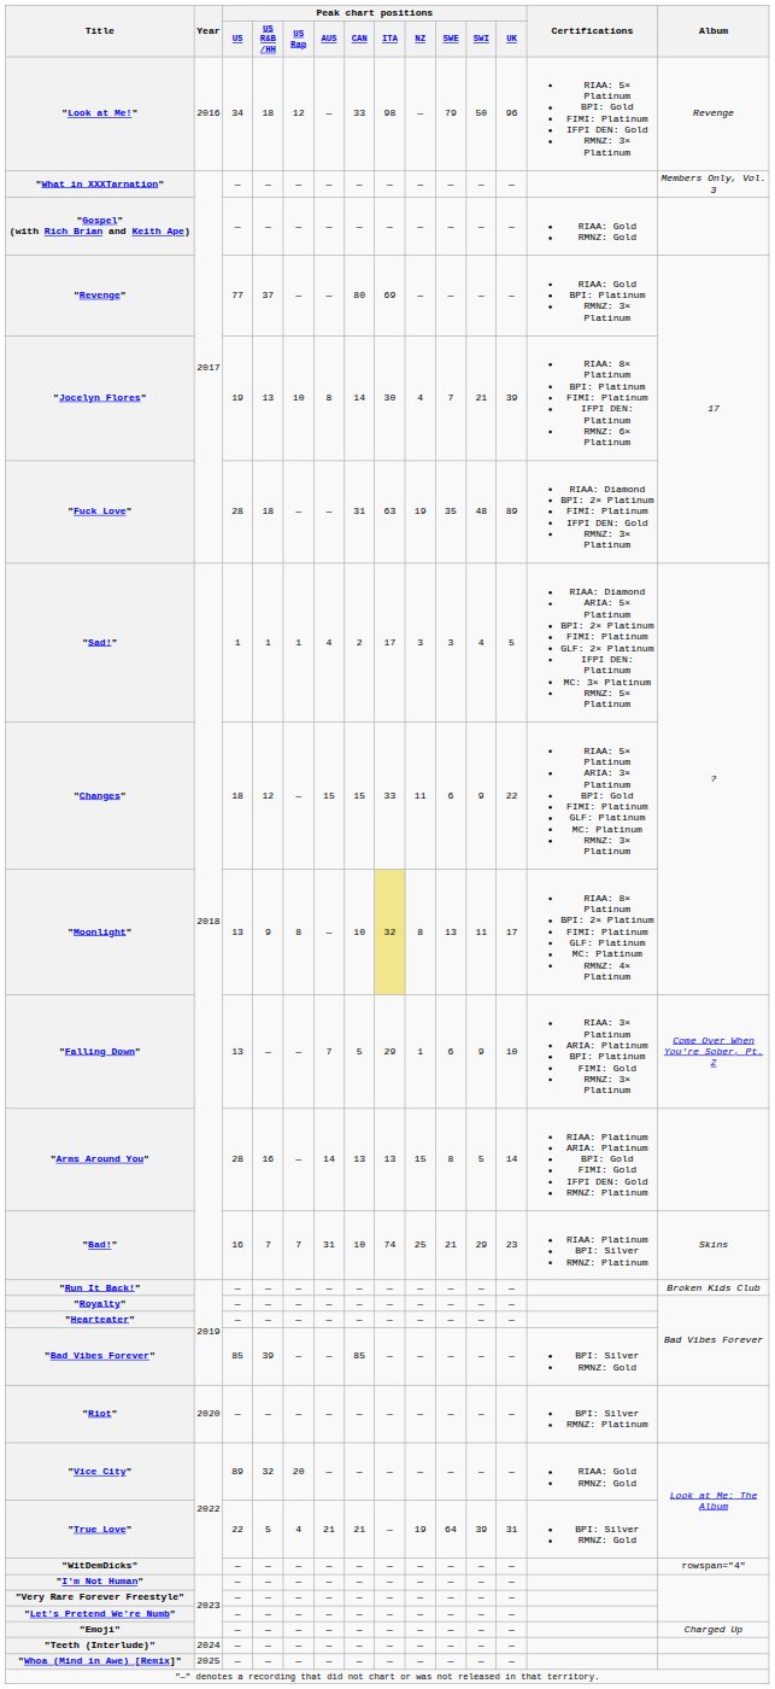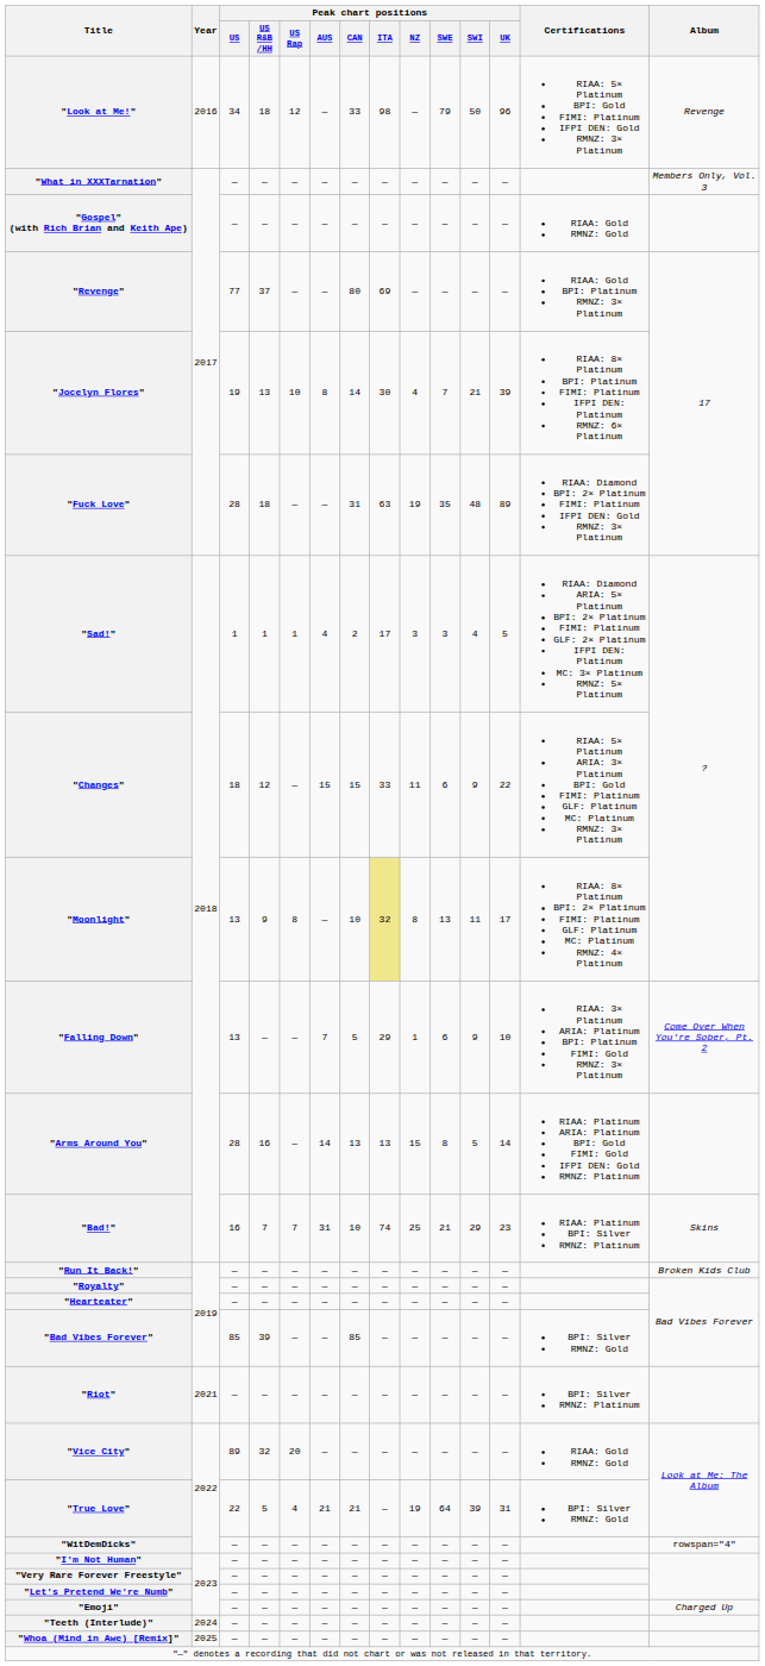 <table class="wikitable plainrowheaders" style="text-align:center;">
 <tr>
 <th scope="col" rowspan="2" style="width:19em;">Title</th>
 <th scope="col" rowspan="2">Year</th>
 <th scope="col" colspan="10">Peak chart positions</th>
 <th scope="col" rowspan="2" style="width:13em;">Certifications</th>
 <th scope="col" rowspan="2" style="width:11em;">Album</th>
 </tr>
 <tr>
 <th scope="col" style="width:3em;font-size:90%;"><a href='#'>US</a><br></th>
 <th scope="col" style="width:3em;font-size:90%;"><a href='#'>US<br>R&B<br>/HH</a><br></th>
 <th scope="col" style="width:3em;font-size:90%;"><a href='#'>US<br>Rap</a><br></th>
 <th scope="col" style="width:3em;font-size:90%;"><a href='#'>AUS</a><br></th>
 <th scope="col" style="width:3em;font-size:90%;"><a href='#'>CAN</a><br></th>
 <th scope="col" style="width:3em;font-size:90%;"><a href='#'>ITA</a><br></th>
 <th scope="col" style="width:3em;font-size:90%;"><a href='#'>NZ</a><br></th>
 <th scope="col" style="width:3em;font-size:90%;"><a href='#'>SWE</a><br></th>
 <th scope="col" style="width:3em;font-size:90%;"><a href='#'>SWI</a><br></th>
 <th scope="col" style="width:3em;font-size:90%;"><a href='#'>UK</a><br></th>
 </tr>
 <tr>
 <th scope="row">"<a href='#'>Look at Me!</a>"</th>
 <td>2016</td>
 <td>34</td>
 <td>18</td>
 <td>12</td>
 <td>—</td>
 <td>33</td>
 <td>98</td>
 <td>—</td>
 <td>79</td>
 <td>50</td>
 <td>96</td>
 <td><br><ul><li>RIAA: 5× Platinum</li><li>BPI: Gold</li><li>FIMI: Platinum</li><li>IFPI DEN: Gold</li><li>RMNZ: 3× Platinum</li></ul></td>
 <td><em>Revenge</em></td>
 </tr>
 <tr>
 <th scope="row">"<a href='#'>What in XXXTarnation</a>"<br></th>
 <td rowspan="5">2017</td>
 <td>—</td>
 <td>—</td>
 <td>—</td>
 <td>—</td>
 <td>—</td>
 <td>—</td>
 <td>—</td>
 <td>—</td>
 <td>—</td>
 <td>—</td>
 <td></td>
 <td><em>Members Only, Vol. 3</em></td>
 </tr>
 <tr>
 <th scope="row">"<a href='#'>Gospel</a>"<br><span>(with <a href='#'>Rich Brian</a> and <a href='#'>Keith Ape</a>)</span></th>
 <td>—</td>
 <td>—</td>
 <td>—</td>
 <td>—</td>
 <td>—</td>
 <td>—</td>
 <td>—</td>
 <td>—</td>
 <td>—</td>
 <td>—</td>
 <td><br><ul><li>RIAA: Gold</li><li>RMNZ: Gold</li></ul></td>
 <td></td>
 </tr>
 <tr>
 <th scope="row">"<a href='#'>Revenge</a>"</th>
 <td>77</td>
 <td>37</td>
 <td>—</td>
 <td>—</td>
 <td>80</td>
 <td>69</td>
 <td>—</td>
 <td>—</td>
 <td>—</td>
 <td>—</td>
 <td><br><ul><li>RIAA: Gold</li><li>BPI: Platinum</li><li>RMNZ: 3× Platinum</li></ul></td>
 <td rowspan="3"><em>17</em></td>
 </tr>
 <tr>
 <th scope="row">"<a href='#'>Jocelyn Flores</a>"</th>
 <td>19</td>
 <td>13</td>
 <td>10</td>
 <td>8</td>
 <td>14</td>
 <td>30</td>
 <td>4</td>
 <td>7</td>
 <td>21</td>
 <td>39</td>
 <td><br><ul><li>RIAA: 8× Platinum</li><li>BPI: Platinum</li><li>FIMI: Platinum</li><li>IFPI DEN: Platinum</li><li>RMNZ: 6× Platinum</li></ul></td>
 </tr>
 <tr>
 <th scope="row">"<a href='#'>Fuck Love</a>"<br></th>
 <td>28</td>
 <td>18</td>
 <td>—</td>
 <td>—</td>
 <td>31</td>
 <td>63</td>
 <td>19</td>
 <td>35</td>
 <td>48</td>
 <td>89</td>
 <td><br><ul><li>RIAA: Diamond</li><li>BPI: 2× Platinum</li><li>FIMI: Platinum</li><li>IFPI DEN: Gold</li><li>RMNZ: 3× Platinum</li></ul></td>
 </tr>
 <tr>
 <th scope="row">"<a href='#'>Sad!</a>"</th>
 <td rowspan="6">2018</td>
 <td>1</td>
 <td>1</td>
 <td>1</td>
 <td>4</td>
 <td>2</td>
 <td>17</td>
 <td>3</td>
 <td>3</td>
 <td>4</td>
 <td>5</td>
 <td><br><ul><li>RIAA: Diamond </li><li>ARIA: 5× Platinum</li><li>BPI: 2× Platinum</li><li>FIMI: Platinum</li><li>GLF: 2× Platinum</li><li>IFPI DEN: Platinum</li><li>MC: 3× Platinum</li><li>RMNZ: 5× Platinum</li></ul></td>
 <td rowspan="3"><em>?</em></td>
 </tr>
 <tr>
 <th scope="row">"<a href='#'>Changes</a>"</th>
 <td>18</td>
 <td>12</td>
 <td>—</td>
 <td>15</td>
 <td>15</td>
 <td>33</td>
 <td>11</td>
 <td>6</td>
 <td>9</td>
 <td>22</td>
 <td><br><ul><li>RIAA: 5× Platinum</li><li>ARIA: 3× Platinum</li><li>BPI: Gold</li><li>FIMI: Platinum</li><li>GLF: Platinum</li><li>MC: Platinum</li><li>RMNZ: 3× Platinum</li></ul></td>
 </tr>
 <tr>
 <th scope="row">"<a href='#'>Moonlight</a>"</th>
 <td>13</td>
 <td>9</td>
 <td>8</td>
 <td>—</td>
 <td>10</td>
 <td style="background: khaki;">32</td>
 <td>8</td>
 <td>13</td>
 <td>11</td>
 <td>17</td>
 <td><br><ul><li>RIAA: 8× Platinum</li><li>BPI: 2× Platinum</li><li>FIMI: Platinum</li><li>GLF: Platinum</li><li>MC: Platinum</li><li>RMNZ: 4× Platinum</li></ul></td>
 </tr>
 <tr>
 <th scope="row">"<a href='#'>Falling Down</a>"<br></th>
 <td>13</td>
 <td>—</td>
 <td>—</td>
 <td>7</td>
 <td>5</td>
 <td>29</td>
 <td>1</td>
 <td>6</td>
 <td>9</td>
 <td>10</td>
 <td><br><ul><li>RIAA: 3× Platinum</li><li>ARIA: Platinum</li><li>BPI: Platinum</li><li>FIMI: Gold</li><li>RMNZ: 3× Platinum</li></ul></td>
 <td><em><a href='#'>Come Over When You're Sober, Pt. 2</a></em></td>
 </tr>
 <tr>
 <th scope="row">"<a href='#'>Arms Around You</a>"<br></th>
 <td>28</td>
 <td>16</td>
 <td>—</td>
 <td>14</td>
 <td>13</td>
 <td>13</td>
 <td>15</td>
 <td>8</td>
 <td>5</td>
 <td>14</td>
 <td><br><ul><li>RIAA: Platinum</li><li>ARIA: Platinum</li><li>BPI: Gold</li><li>FIMI: Gold</li><li>IFPI DEN: Gold</li><li>RMNZ: Platinum</li></ul></td>
 <td></td>
 </tr>
 <tr>
 <th scope="row">"<a href='#'>Bad!</a>"</th>
 <td>16</td>
 <td>7</td>
 <td>7</td>
 <td>31</td>
 <td>10</td>
 <td>74</td>
 <td>25</td>
 <td>21</td>
 <td>29</td>
 <td>23</td>
 <td><br><ul><li>RIAA: Platinum</li><li>BPI: Silver</li><li>RMNZ: Platinum</li></ul></td>
 <td><em>Skins</em></td>
 </tr>
 <tr>
 <th scope="row">"<a href='#'>Run It Back!</a>"<br></th>
 <td rowspan="4">2019</td>
 <td>—</td>
 <td>—</td>
 <td>—</td>
 <td>—</td>
 <td>—</td>
 <td>—</td>
 <td>—</td>
 <td>—</td>
 <td>—</td>
 <td>—</td>
 <td></td>
 <td><em>Broken Kids Club</em></td>
 </tr>
 <tr>
 <th scope="row">"<a href='#'>Royalty</a>"<br></th>
 <td>—</td>
 <td>—</td>
 <td>—</td>
 <td>—</td>
 <td>—</td>
 <td>—</td>
 <td>—</td>
 <td>—</td>
 <td>—</td>
 <td>—</td>
 <td></td>
 <td rowspan="3"><em>Bad Vibes Forever</em></td>
 </tr>
 <tr>
 <th scope="row">"<a href='#'>Hearteater</a>"</th>
 <td>—</td>
 <td>—</td>
 <td>—</td>
 <td>—</td>
 <td>—</td>
 <td>—</td>
 <td>—</td>
 <td>—</td>
 <td>—</td>
 <td>—</td>
 </tr>
 <tr>
 <th scope="row">"<a href='#'>Bad Vibes Forever</a>"<br></th>
 <td>85</td>
 <td>39</td>
 <td>—</td>
 <td>—</td>
 <td>85</td>
 <td>—</td>
 <td>—</td>
 <td>—</td>
 <td>—</td>
 <td>—</td>
 <td><br><ul><li>BPI: Silver</li><li>RMNZ: Gold</li></ul></td>
 </tr>
 <tr>
 <th scope="row">"<a href='#'>Riot</a>"</th>
-<td>2020</td>
+<td>2021</td>
 <td>—</td>
 <td>—</td>
 <td>—</td>
 <td>—</td>
 <td>—</td>
 <td>—</td>
 <td>—</td>
 <td>—</td>
 <td>—</td>
 <td>—</td>
 <td><br><ul><li>BPI: Silver</li><li>RMNZ: Platinum</li></ul></td>
 <td></td>
 </tr>
 <tr>
 <th scope="row">"<a href='#'>Vice City</a>"</th>
 <td rowspan="3">2022</td>
 <td>89</td>
 <td>32</td>
 <td>20</td>
 <td>—</td>
 <td>—</td>
 <td>—</td>
 <td>—</td>
 <td>—</td>
 <td>—</td>
 <td>—</td>
 <td><br><ul><li>RIAA: Gold</li><li>RMNZ: Gold</li></ul></td>
 <td rowspan="2"><em><a href='#'>Look at Me: The Album</a></em></td>
 </tr>
 <tr>
 <th scope="row">"<a href='#'>True Love</a>"<br></th>
 <td>22</td>
 <td>5</td>
 <td>4</td>
 <td>21</td>
 <td>21</td>
 <td>—</td>
 <td>19</td>
 <td>64</td>
 <td>39</td>
 <td>31</td>
 <td><br><ul><li>BPI: Silver</li><li>RMNZ: Gold</li></ul></td>
 </tr>
 <tr>
 <th scope="row">"WitDemDicks"</th>
 <td>—</td>
 <td>—</td>
 <td>—</td>
 <td>—</td>
 <td>—</td>
 <td>—</td>
 <td>—</td>
 <td>—</td>
 <td>—</td>
 <td>—</td>
 <td></td>
 <td>rowspan="4" </td>
 </tr>
 <tr>
 <th scope="row">"<a href='#'>I'm Not Human</a>" <br></th>
 <td rowspan="4">2023</td>
 <td>—</td>
 <td>—</td>
 <td>—</td>
 <td>—</td>
 <td>—</td>
 <td>—</td>
 <td>—</td>
 <td>—</td>
 <td>—</td>
 <td>—</td>
 <td></td>
 </tr>
 <tr>
 <th scope="row">"Very Rare Forever Freestyle"</th>
 <td>—</td>
 <td>—</td>
 <td>—</td>
 <td>—</td>
 <td>—</td>
 <td>—</td>
 <td>—</td>
 <td>—</td>
 <td>—</td>
 <td>—</td>
 <td></td>
 </tr>
 <tr>
 <th scope=row>"<a href='#'>Let's Pretend We're Numb</a>"</th>
 <td>—</td>
 <td>—</td>
 <td>—</td>
 <td>—</td>
 <td>—</td>
 <td>—</td>
 <td>—</td>
 <td>—</td>
 <td>—</td>
 <td>—</td>
 <td></td>
 </tr>
 <tr>
 <th scope=row>"Emoji" <br></th>
 <td>—</td>
 <td>—</td>
 <td>—</td>
 <td>—</td>
 <td>—</td>
 <td>—</td>
 <td>—</td>
 <td>—</td>
 <td>—</td>
 <td>—</td>
 <td></td>
 <td><em>Charged Up</em></td>
 </tr>
 <tr>
 <th scope=row>"Teeth (Interlude)"</th>
 <td>2024</td>
 <td>—</td>
 <td>—</td>
 <td>—</td>
 <td>—</td>
 <td>—</td>
 <td>—</td>
 <td>—</td>
 <td>—</td>
 <td>—</td>
 <td>—</td>
 <td></td>
 <td></td>
 </tr>
 <tr>
 <th scope=row>"<a href='#'>Whoa (Mind in Awe) [Remix</a>]" <br></th>
 <td>2025</td>
 <td>—</td>
 <td>—</td>
 <td>—</td>
 <td>—</td>
 <td>—</td>
 <td>—</td>
 <td>—</td>
 <td>—</td>
 <td>—</td>
 <td>—</td>
 <td></td>
 <td></td>
 </tr>
 <tr>
 <td colspan="14" style="font-size:90%">"—" denotes a recording that did not chart or was not released in that territory.</td>
 </tr>
 </table>
